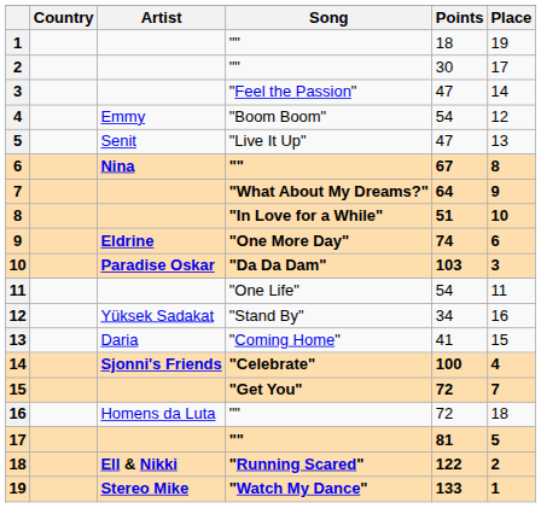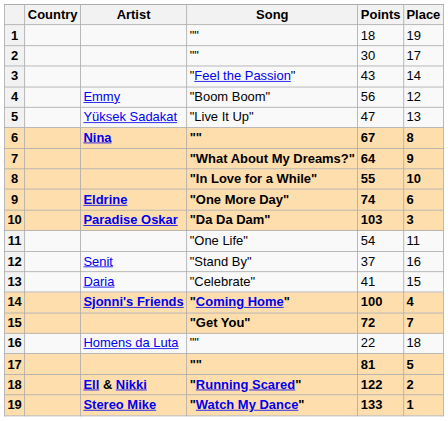 <table class="sortable wikitable plainrowheaders">
 <tr>
 </tr>
 <tr>
 <th scope="col"></th>
 <th scope="col">Country</th>
 <th scope="col">Artist</th>
 <th scope="col">Song</th>
 <th scope="col">Points</th>
 <th scope="col">Place</th>
 </tr>
 <tr>
 <th scope="row" style="text-align:center;">1</th>
 <td></td>
 <td></td>
 <td>""</td>
 <td>18</td>
 <td>19</td>
 </tr>
 <tr>
 <th scope="row" style="text-align:center;">2</th>
 <td></td>
 <td></td>
 <td>""</td>
 <td>30</td>
 <td>17</td>
 </tr>
 <tr>
 <th scope="row" style="text-align:center;">3</th>
 <td></td>
 <td></td>
 <td>"<a href='#'>Feel the Passion</a>"</td>
-<td>47</td>
+<td>43</td>
 <td>14</td>
 </tr>
 <tr>
 <th scope="row" style="text-align:center;">4</th>
 <td></td>
 <td><a href='#'>Emmy</a></td>
 <td>"Boom Boom"</td>
-<td>54</td>
+<td>56</td>
 <td>12</td>
 </tr>
 <tr>
 <th scope="row" style="text-align:center;">5</th>
 <td></td>
-<td><a href='#'>Senit</a></td>
+<td><a href='#'>Yüksek Sadakat</a></td>
 <td>"Live It Up"</td>
 <td>47</td>
 <td>13</td>
 </tr>
 <tr style="font-weight:bold; background:navajowhite;">
 <th scope="row" style="text-align:center; font-weight:bold; background:navajowhite;">6</th>
 <td></td>
 <td><a href='#'>Nina</a></td>
 <td>""</td>
 <td>67</td>
 <td>8</td>
 </tr>
 <tr style="font-weight:bold; background:navajowhite;">
 <th scope="row" style="text-align:center; font-weight:bold; background:navajowhite;">7</th>
 <td></td>
 <td></td>
 <td>"What About My Dreams?"</td>
 <td>64</td>
 <td>9</td>
 </tr>
 <tr style="font-weight:bold; background:navajowhite;">
 <th scope="row" style="text-align:center; font-weight:bold; background:navajowhite;">8</th>
 <td></td>
 <td></td>
 <td>"In Love for a While"</td>
-<td>51</td>
+<td>55</td>
 <td>10</td>
 </tr>
 <tr style="font-weight:bold; background:navajowhite;">
 <th scope="row" style="text-align:center; font-weight:bold; background:navajowhite;">9</th>
 <td></td>
 <td><a href='#'>Eldrine</a></td>
 <td>"One More Day"</td>
 <td>74</td>
 <td>6</td>
 </tr>
 <tr style="font-weight:bold; background:navajowhite;">
 <th scope="row" style="text-align:center; font-weight:bold; background:navajowhite;">10</th>
 <td></td>
 <td><a href='#'>Paradise Oskar</a></td>
 <td>"Da Da Dam"</td>
 <td>103</td>
 <td>3</td>
 </tr>
 <tr>
 <th scope="row" style="text-align:center;">11</th>
 <td></td>
 <td></td>
 <td>"One Life"</td>
 <td>54</td>
 <td>11</td>
 </tr>
 <tr>
 <th scope="row" style="text-align:center;">12</th>
 <td></td>
-<td><a href='#'>Yüksek Sadakat</a></td>
+<td><a href='#'>Senit</a></td>
 <td>"Stand By"</td>
-<td>34</td>
+<td>37</td>
 <td>16</td>
 </tr>
 <tr>
 <th scope="row" style="text-align:center;">13</th>
 <td></td>
 <td><a href='#'>Daria</a></td>
-<td>"<a href='#'>Coming Home</a>"</td>
+<td>"Celebrate"</td>
 <td>41</td>
 <td>15</td>
 </tr>
 <tr style="font-weight:bold; background:navajowhite;">
 <th scope="row" style="text-align:center; font-weight:bold; background:navajowhite;">14</th>
 <td></td>
 <td><a href='#'>Sjonni's Friends</a></td>
-<td>"Celebrate"</td>
+<td>"<a href='#'>Coming Home</a>"</td>
 <td>100</td>
 <td>4</td>
 </tr>
 <tr style="font-weight:bold; background:navajowhite;">
 <th scope="row" style="text-align:center; font-weight:bold; background:navajowhite;">15</th>
 <td></td>
 <td></td>
 <td>"Get You"</td>
 <td>72</td>
 <td>7</td>
 </tr>
 <tr>
 <th scope="row" style="text-align:center;">16</th>
 <td></td>
 <td><a href='#'>Homens da Luta</a></td>
 <td>""</td>
-<td>72</td>
+<td>22</td>
 <td>18</td>
 </tr>
 <tr style="font-weight:bold; background:navajowhite;">
 <th scope="row" style="text-align:center; font-weight:bold; background:navajowhite;">17</th>
 <td></td>
 <td></td>
 <td>""</td>
 <td>81</td>
 <td>5</td>
 </tr>
 <tr style="font-weight:bold; background:navajowhite;">
 <th scope="row" style="text-align:center; font-weight:bold; background:navajowhite;">18</th>
 <td></td>
 <td><a href='#'>Ell</a> & <a href='#'>Nikki</a></td>
 <td>"<a href='#'>Running Scared</a>"</td>
 <td>122</td>
 <td>2</td>
 </tr>
 <tr style="font-weight:bold; background:navajowhite;">
 <th scope="row" style="text-align:center; font-weight:bold; background:navajowhite;">19</th>
 <td></td>
 <td>  <a href='#'>Stereo Mike</a></td>
 <td>"<a href='#'>Watch My Dance</a>"</td>
 <td>133</td>
 <td>1</td>
 </tr>
 </table>
